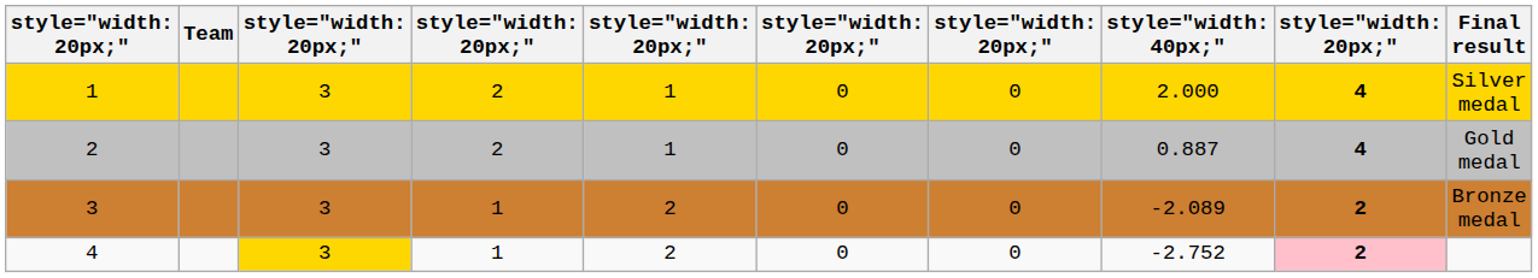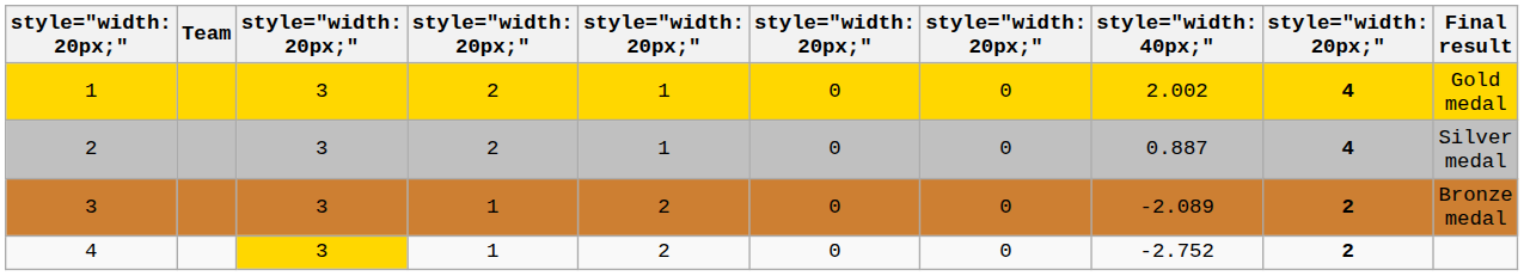 <table class="wikitable" border="1" style="text-align: center;">
 <tr>
 <th>style="width: 20px;"</th>
 <th style="width: 175px;">Team</th>
 <th>style="width: 20px;"</th>
 <th>style="width: 20px;"</th>
 <th>style="width: 20px;"</th>
 <th>style="width: 20px;"</th>
 <th>style="width: 20px;"</th>
 <th>style="width: 40px;"</th>
 <th>style="width: 20px;"</th>
 <th style="width: 230px;">Final result</th>
 </tr>
 <tr style="background:#FFD700;">
 <td>1</td>
 <td style="text-align:left"></td>
 <td>3</td>
 <td>2</td>
 <td>1</td>
 <td>0</td>
 <td>0</td>
-<td>2.000</td>
+<td>2.002</td>
 <td><strong>4</strong></td>
-<td>Silver medal</td>
+<td>Gold medal</td>
 </tr>
 <tr style="background:#C0C0C0;">
 <td>2</td>
 <td align=left></td>
 <td>3</td>
 <td>2</td>
 <td>1</td>
 <td>0</td>
 <td>0</td>
 <td>0.887</td>
 <td><strong>4</strong></td>
-<td>Gold medal</td>
+<td>Silver medal</td>
 </tr>
 <tr style="background:#CD7F32;">
 <td>3</td>
 <td style="text-align:left"></td>
 <td>3</td>
 <td>1</td>
 <td>2</td>
 <td>0</td>
 <td>0</td>
 <td>-2.089</td>
 <td><strong>2</strong></td>
 <td>Bronze medal</td>
 </tr>
 <tr>
 <td>4</td>
 <td style="text-align:left"></td>
 <td style="background: gold;">3</td>
 <td>1</td>
 <td>2</td>
 <td>0</td>
 <td>0</td>
 <td>-2.752</td>
-<td style="background: pink;"><strong>2</strong></td>
+<td><strong>2</strong></td>
 <td></td>
 </tr>
 </table>
